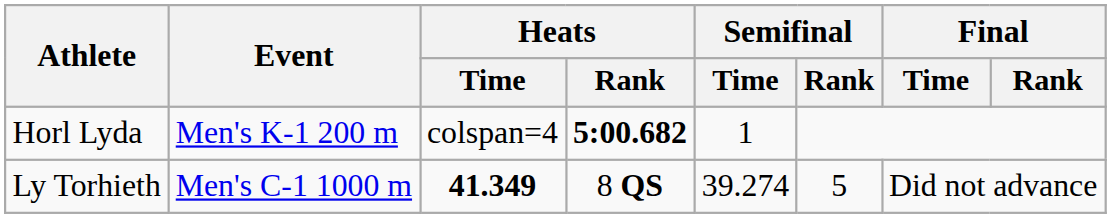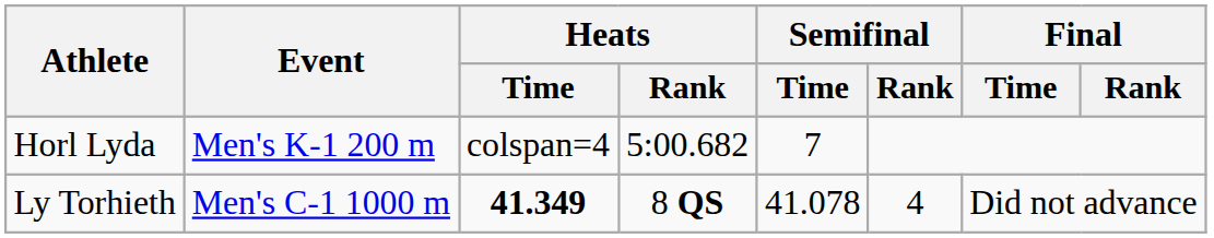 <table class=wikitable style=font-size:90%;text-align:center>
 <tr>
 <th rowspan=2>Athlete</th>
 <th rowspan=2>Event</th>
 <th colspan=2>Heats</th>
 <th colspan=2>Semifinal</th>
 <th colspan=2>Final</th>
 </tr>
 <tr style="font-size:95%">
 <th>Time</th>
 <th>Rank</th>
 <th>Time</th>
 <th>Rank</th>
 <th>Time</th>
 <th>Rank</th>
 </tr>
 <tr>
 <td align=left>Horl Lyda</td>
 <td align=left><a href='#'>Men's K-1 200 m</a></td>
 <td>colspan=4 </td>
-<td><strong>5:00.682</strong></td>
-<td>1</td>
+<td>5:00.682</td>
+<td>7</td>
 </tr>
 <tr>
 <td align=left>Ly Torhieth</td>
 <td align=left><a href='#'>Men's C-1 1000 m</a></td>
 <td><strong>41.349</strong></td>
 <td>8 <strong>QS</strong></td>
-<td>39.274</td>
-<td>5</td>
+<td>41.078</td>
+<td>4</td>
 <td colspan=2>Did not advance</td>
 </tr>
 </table>
